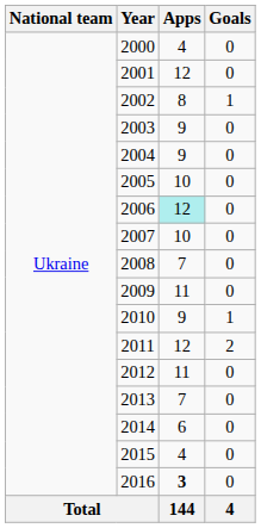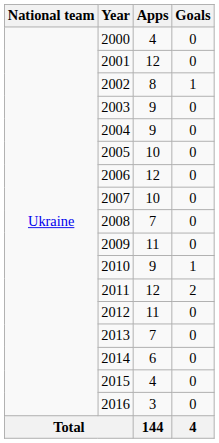 <table class="wikitable" style="text-align:center">
 <tr>
 <th>National team</th>
 <th>Year</th>
 <th>Apps</th>
 <th>Goals</th>
 </tr>
 <tr>
 <td rowspan="17"><a href='#'>Ukraine</a></td>
 <td>2000</td>
 <td>4</td>
 <td>0</td>
 </tr>
 <tr>
 <td>2001</td>
 <td>12</td>
 <td>0</td>
 </tr>
 <tr>
 <td>2002</td>
 <td>8</td>
 <td>1</td>
 </tr>
 <tr>
 <td>2003</td>
 <td>9</td>
 <td>0</td>
 </tr>
 <tr>
 <td>2004</td>
 <td>9</td>
 <td>0</td>
 </tr>
 <tr>
 <td>2005</td>
 <td>10</td>
 <td>0</td>
 </tr>
 <tr>
 <td>2006</td>
-<td style="background: paleturquoise;">12</td>
+<td>12</td>
 <td>0</td>
 </tr>
 <tr>
 <td>2007</td>
 <td>10</td>
 <td>0</td>
 </tr>
 <tr>
 <td>2008</td>
 <td>7</td>
 <td>0</td>
 </tr>
 <tr>
 <td>2009</td>
 <td>11</td>
 <td>0</td>
 </tr>
 <tr>
 <td>2010</td>
 <td>9</td>
 <td>1</td>
 </tr>
 <tr>
 <td>2011</td>
 <td>12</td>
 <td>2</td>
 </tr>
 <tr>
 <td>2012</td>
 <td>11</td>
 <td>0</td>
 </tr>
 <tr>
 <td>2013</td>
 <td>7</td>
 <td>0</td>
 </tr>
 <tr>
 <td>2014</td>
 <td>6</td>
 <td>0</td>
 </tr>
 <tr>
 <td>2015</td>
 <td>4</td>
 <td>0</td>
 </tr>
 <tr>
 <td>2016</td>
-<td><strong>3</strong></td>
+<td>3</td>
 <td>0</td>
 </tr>
 <tr>
 <th colspan="2">Total</th>
 <th>144</th>
 <th>4</th>
 </tr>
 </table>
